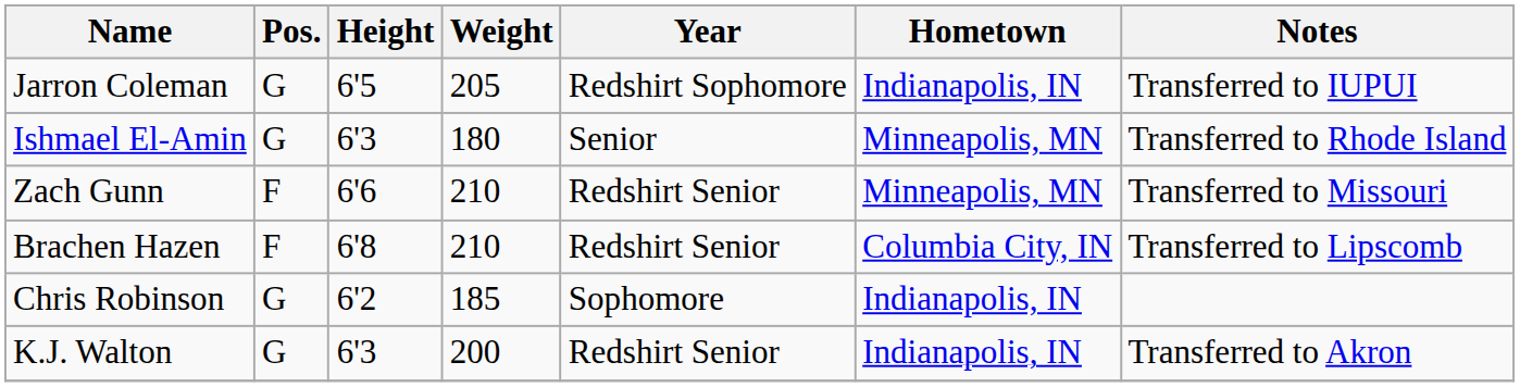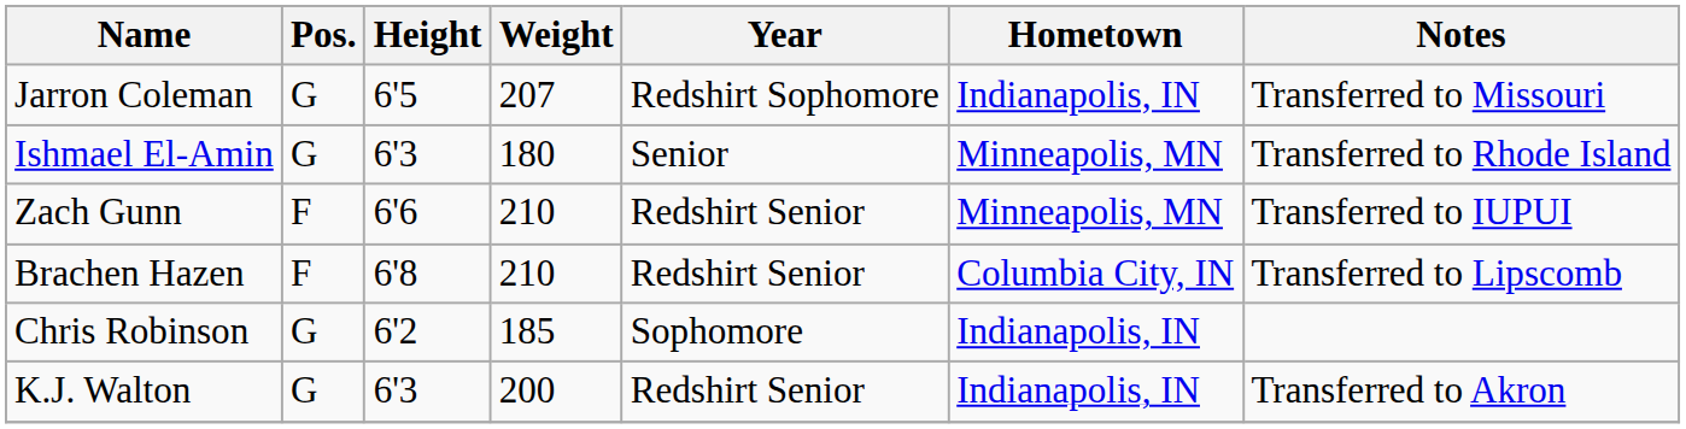 <table class="wikitable sortable" border="1">
 <tr align=center>
 <th>Name</th>
 <th>Pos.</th>
 <th>Height</th>
 <th>Weight</th>
 <th>Year</th>
 <th>Hometown</th>
 <th>Notes</th>
 </tr>
 <tr>
 <td>Jarron Coleman</td>
 <td>G</td>
 <td>6'5</td>
-<td>205</td>
+<td>207</td>
 <td>Redshirt Sophomore</td>
 <td><a href='#'>Indianapolis, IN</a></td>
-<td>Transferred to <a href='#'>IUPUI</a></td>
+<td>Transferred to <a href='#'>Missouri</a></td>
 </tr>
 <tr>
 <td><a href='#'>Ishmael El-Amin</a></td>
 <td>G</td>
 <td>6'3</td>
 <td>180</td>
 <td>Senior</td>
 <td><a href='#'> Minneapolis, MN</a></td>
 <td>Transferred to <a href='#'>Rhode Island</a></td>
 </tr>
 <tr>
 <td>Zach Gunn</td>
 <td>F</td>
 <td>6'6</td>
 <td>210</td>
 <td>Redshirt Senior</td>
 <td><a href='#'> Minneapolis, MN</a></td>
-<td>Transferred to <a href='#'>Missouri</a></td>
+<td>Transferred to <a href='#'>IUPUI</a></td>
 </tr>
 <tr>
 <td>Brachen Hazen</td>
 <td>F</td>
 <td>6'8</td>
 <td>210</td>
 <td>Redshirt Senior</td>
 <td><a href='#'>Columbia City, IN</a></td>
 <td>Transferred to <a href='#'>Lipscomb</a></td>
 </tr>
 <tr>
 <td>Chris Robinson</td>
 <td>G</td>
 <td>6'2</td>
 <td>185</td>
 <td>Sophomore</td>
 <td><a href='#'>Indianapolis, IN</a></td>
 <td></td>
 </tr>
 <tr>
 <td>K.J. Walton</td>
 <td>G</td>
 <td>6'3</td>
 <td>200</td>
 <td>Redshirt Senior</td>
 <td><a href='#'>Indianapolis, IN</a></td>
 <td>Transferred to <a href='#'>Akron</a></td>
 </tr>
 <tr>
 </tr>
 </table>
